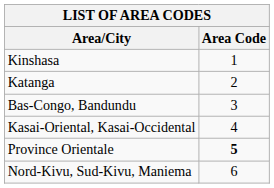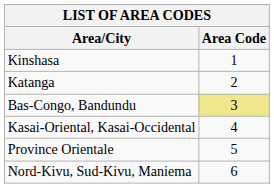 <table class="wikitable">
 <tr>
 <th colspan="2">LIST OF AREA CODES</th>
 </tr>
 <tr>
 <th>Area/City</th>
 <th>Area Code</th>
 </tr>
 <tr>
 <td>Kinshasa</td>
 <td style="text-align:center">1</td>
 </tr>
 <tr>
 <td>Katanga</td>
 <td style="text-align:center">2</td>
 </tr>
 <tr>
 <td>Bas-Congo, Bandundu</td>
-<td style="text-align:center">3</td>
+<td style="background: khaki; text-align:center">3</td>
 </tr>
 <tr>
 <td>Kasai-Oriental, Kasai-Occidental</td>
 <td style="text-align:center">4</td>
 </tr>
 <tr>
 <td>Province Orientale</td>
-<td style="text-align:center"><strong>5</strong></td>
+<td style="text-align:center">5</td>
 </tr>
 <tr>
 <td>Nord-Kivu, Sud-Kivu, Maniema</td>
 <td style="text-align:center">6</td>
 </tr>
 </table>
